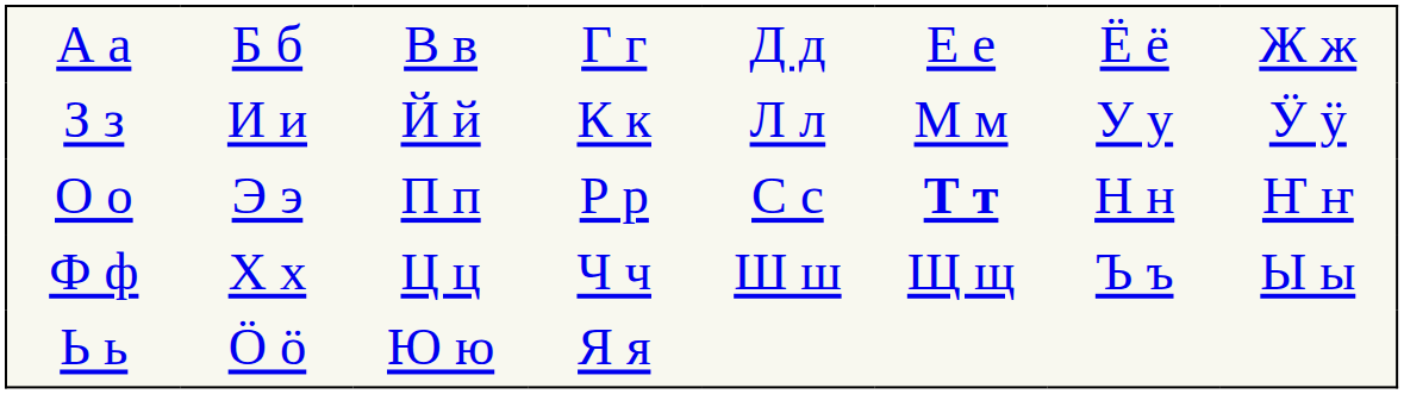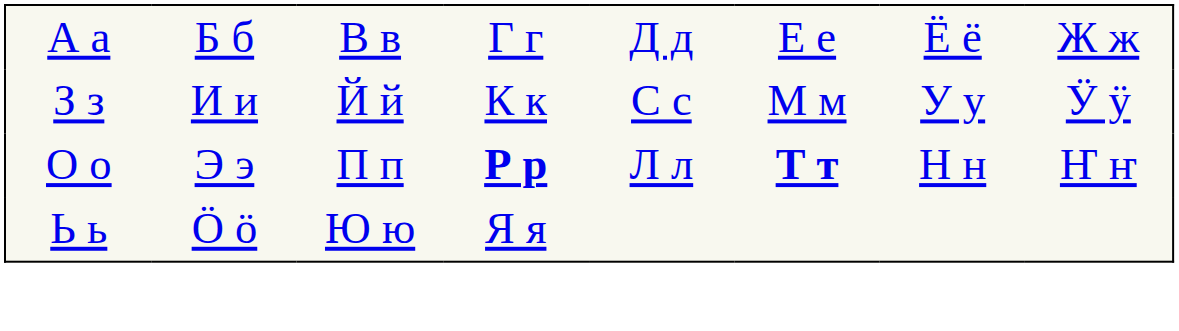 <table style="font-family:Arial Unicode MS; font-size:1.4em; border-color:#000000; border-width:1px; border-style:solid; border-collapse:collapse; background-color:#F8F8EF">
 <tr>
 <td style="width:3em; text-align:center; padding: 3px;"><a href='#'>А а</a></td>
 <td style="width:3em; text-align:center; padding: 3px;"><a href='#'>Б б</a></td>
 <td style="width:3em; text-align:center; padding: 3px;"><a href='#'>В в</a></td>
 <td style="width:3em; text-align:center; padding: 3px;"><a href='#'>Г г</a></td>
 <td style="width:3em; text-align:center; padding: 3px;"><a href='#'>Д д</a></td>
 <td style="width:3em; text-align:center; padding: 3px;"><a href='#'>Е е</a></td>
 <td style="width:3em; text-align:center; padding: 3px;"><a href='#'>Ё ё</a></td>
 <td style="width:3em; text-align:center; padding: 3px;"><a href='#'>Ж ж</a></td>
 </tr>
 <tr>
 <td style="width:3em; text-align:center; padding: 3px;"><a href='#'>З з</a></td>
 <td style="width:3em; text-align:center; padding: 3px;"><a href='#'>И и</a></td>
 <td style="width:3em; text-align:center; padding: 3px;"><a href='#'>Й й</a></td>
 <td style="width:3em; text-align:center; padding: 3px;"><a href='#'>К к</a></td>
-<td style="width:3em; text-align:center; padding: 3px;"><a href='#'>Л л</a></td>
+<td style="width:3em; text-align:center; padding: 3px;"><a href='#'>С с</a></td>
 <td style="width:3em; text-align:center; padding: 3px;"><a href='#'>М м</a></td>
 <td style="width:3em; text-align:center; padding: 3px;"><a href='#'>У у</a></td>
 <td style="width:3em; text-align:center; padding: 3px;"><a href='#'>Ӱ ӱ</a></td>
 </tr>
 <tr>
 <td style="width:3em; text-align:center; padding: 3px;"><a href='#'>О о</a></td>
 <td style="width:3em; text-align:center; padding: 3px;"><a href='#'>Э э</a></td>
 <td style="width:3em; text-align:center; padding: 3px;"><a href='#'>П п</a></td>
-<td style="width:3em; text-align:center; padding: 3px;"><a href='#'>Р р</a></td>
-<td style="width:3em; text-align:center; padding: 3px;"><a href='#'>С с</a></td>
+<td style="width:3em; text-align:center; padding: 3px;"><strong><a href='#'>Р р</a></strong></td>
+<td style="width:3em; text-align:center; padding: 3px;"><a href='#'>Л л</a></td>
 <td style="width:3em; text-align:center; padding: 3px;"><strong><a href='#'>Т т</a></strong></td>
 <td style="width:3em; text-align:center; padding: 3px;"><a href='#'>Н н</a></td>
 <td style="width:3em; text-align:center; padding: 3px;"><a href='#'>Ҥ ҥ</a></td>
-</tr>
-<tr>
-<td style="width:3em; text-align:center; padding: 3px;"><a href='#'>Ф ф</a></td>
-<td style="width:3em; text-align:center; padding: 3px;"><a href='#'>Х х</a></td>
-<td style="width:3em; text-align:center; padding: 3px;"><a href='#'>Ц ц</a></td>
-<td style="width:3em; text-align:center; padding: 3px;"><a href='#'>Ч ч</a></td>
-<td style="width:3em; text-align:center; padding: 3px;"><a href='#'>Ш ш</a></td>
-<td style="width:3em; text-align:center; padding: 3px;"><a href='#'>Щ щ</a></td>
-<td style="width:3em; text-align:center; padding: 3px;"><a href='#'>Ъ ъ</a></td>
-<td style="width:3em; text-align:center; padding: 3px;"><a href='#'>Ы ы</a></td>
 </tr>
 <tr>
 <td style="width:3em; text-align:center; padding: 3px;"><a href='#'>Ь ь</a></td>
 <td style="width:3em; text-align:center; padding: 3px;"><a href='#'>Ӧ ӧ</a></td>
 <td style="width:3em; text-align:center; padding: 3px;"><a href='#'>Ю ю</a></td>
 <td style="width:3em; text-align:center; padding: 3px;"><a href='#'>Я я</a></td>
 <td style="width:3em; text-align:center; padding: 3px;"> </td>
 <td style="width:3em; text-align:center; padding: 3px;"> </td>
 <td style="width:3em; text-align:center; padding: 3px;"> </td>
 <td style="width:3em; text-align:center; padding: 3px;"> </td>
 </tr>
 </table>
